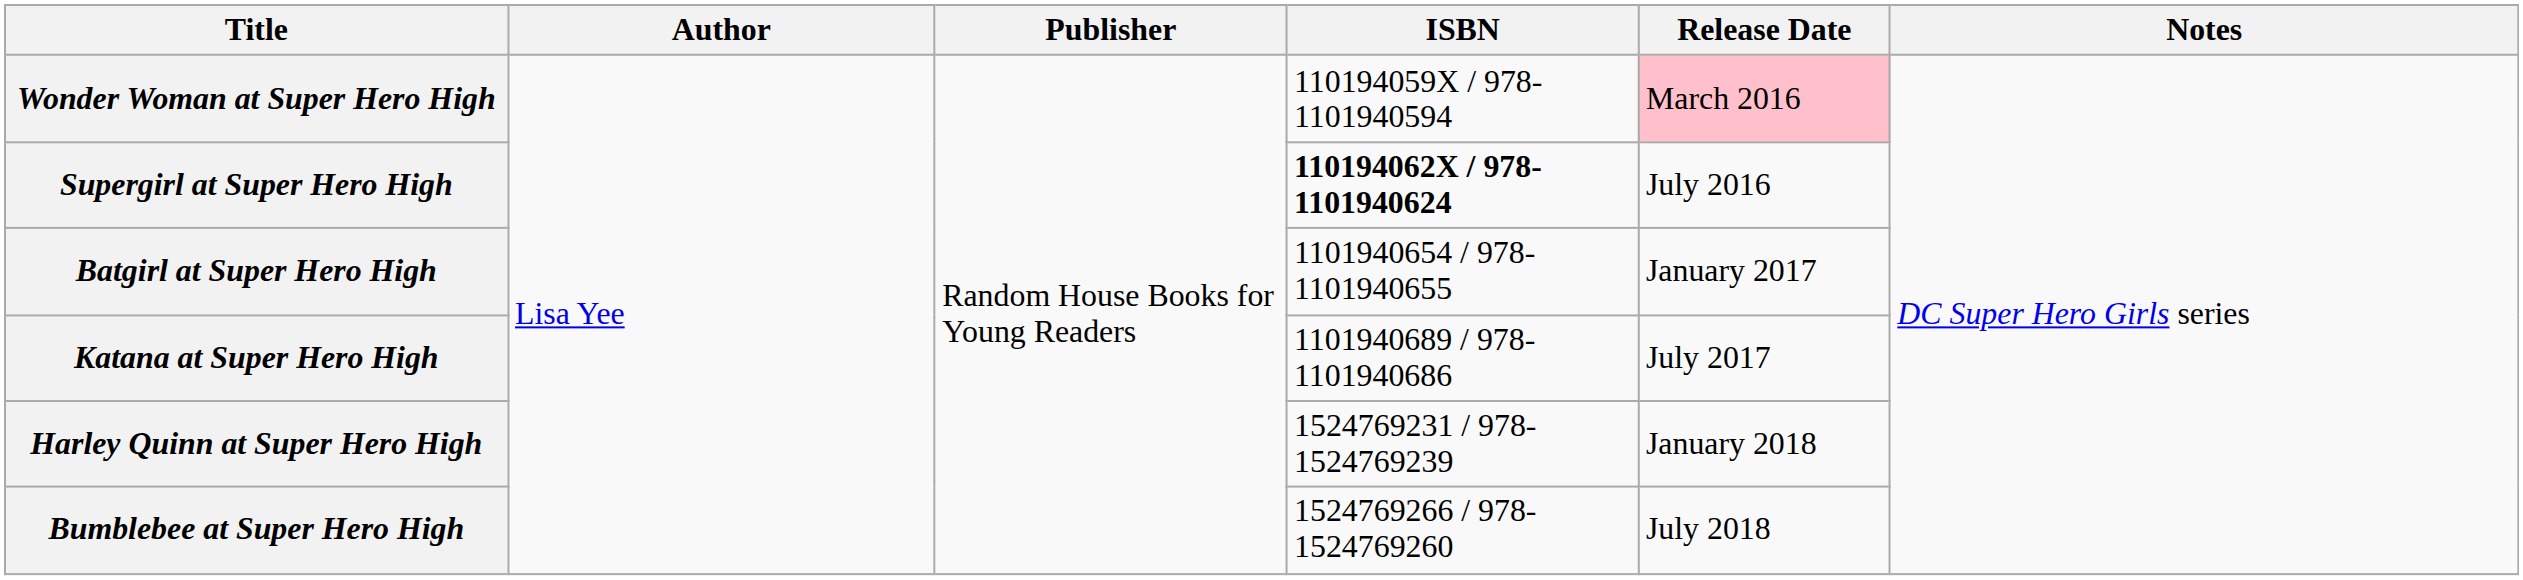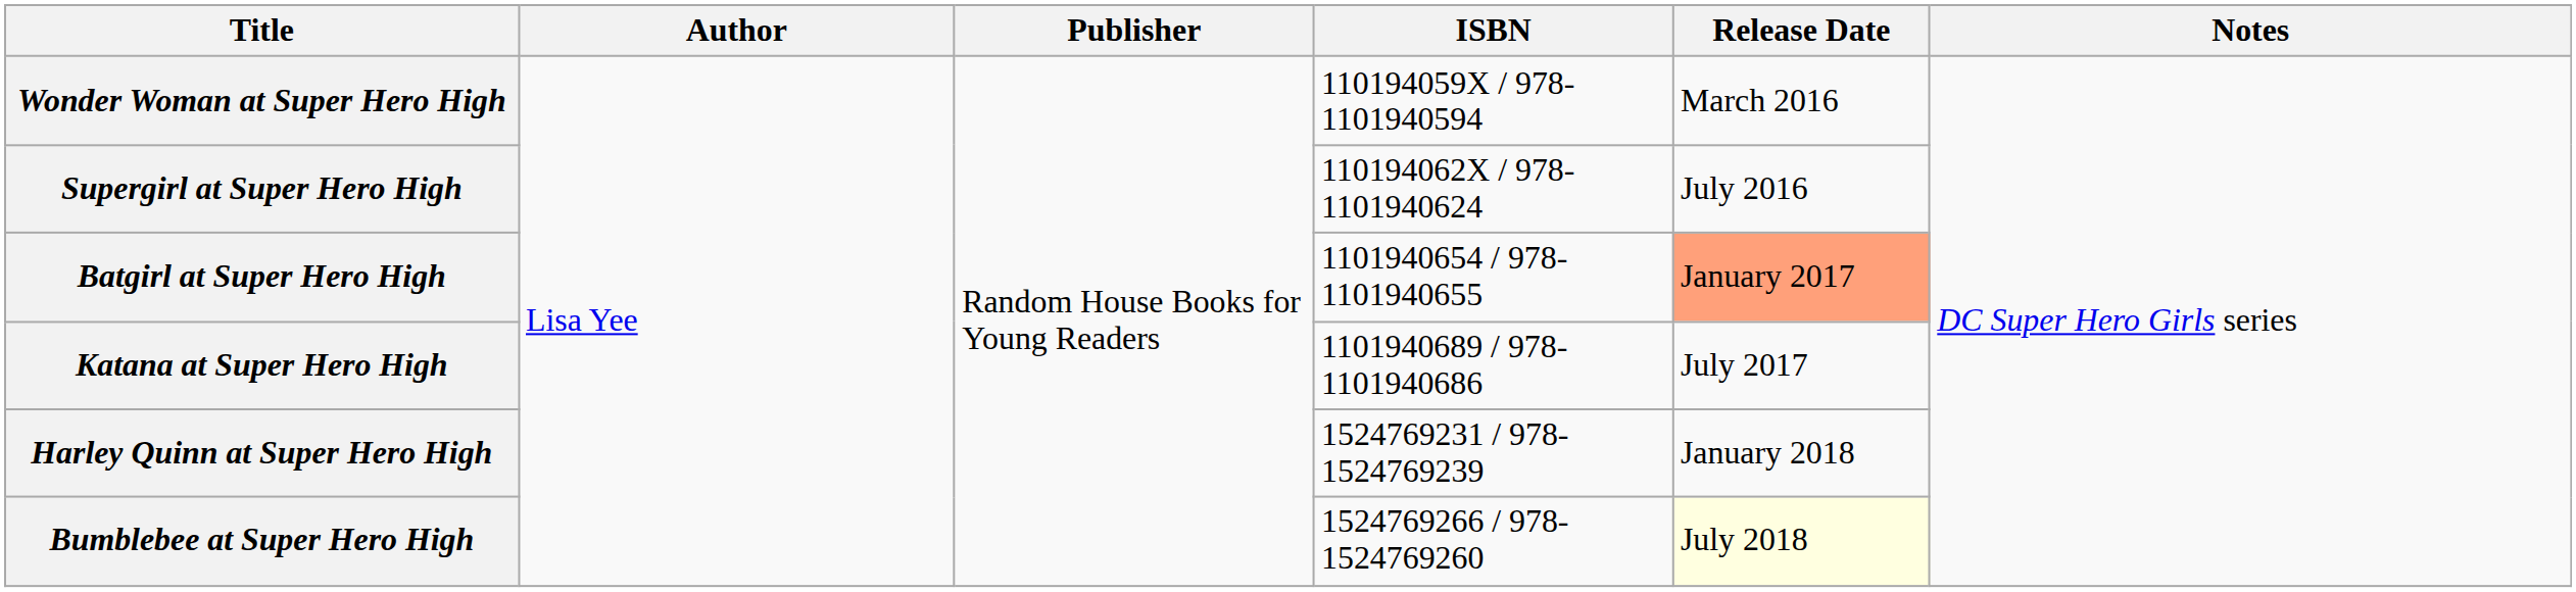 <table class="wikitable" width=100%>
 <tr>
 <th width=20%>Title</th>
 <th width=17%>Author</th>
 <th width=14%>Publisher</th>
 <th width=14%>ISBN</th>
 <th width=10%>Release Date</th>
 <th width=25%>Notes</th>
 </tr>
 <tr>
 <th><em>Wonder Woman at Super Hero High</em></th>
 <td rowspan="6"><a href='#'>Lisa Yee</a></td>
 <td rowspan="6">Random House Books for Young Readers</td>
 <td>110194059X / 978-1101940594</td>
-<td style="background: pink;">March 2016</td>
+<td>March 2016</td>
 <td rowspan="6"><em><a href='#'>DC Super Hero Girls</a></em> series</td>
 </tr>
 <tr>
 <th><em>Supergirl at Super Hero High</em></th>
-<td><strong>110194062X / 978-1101940624</strong></td>
+<td>110194062X / 978-1101940624</td>
 <td>July 2016</td>
 </tr>
 <tr>
 <th><em>Batgirl at Super Hero High</em></th>
 <td>1101940654 / 978-1101940655</td>
-<td>January 2017</td>
+<td style="background: lightsalmon;">January 2017</td>
 </tr>
 <tr>
 <th><em>Katana at Super Hero High</em></th>
 <td>1101940689 / 978-1101940686</td>
 <td>July 2017</td>
 </tr>
 <tr>
 <th><em>Harley Quinn at Super Hero High</em></th>
 <td>1524769231 / 978-1524769239</td>
 <td>January 2018</td>
 </tr>
 <tr>
 <th><em>Bumblebee at Super Hero High</em></th>
 <td>1524769266 / 978-1524769260</td>
-<td>July 2018</td>
+<td style="background: lightyellow;">July 2018</td>
 </tr>
 </table>
